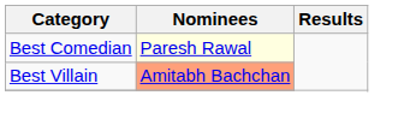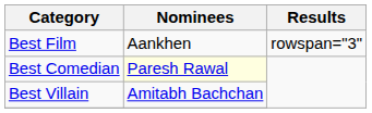 <table class="wikitable storable">
 <tr>
 <th>Category</th>
 <th>Nominees</th>
 <th>Results</th>
 </tr>
 <tr>
+<td><a href='#'>Best Film</a></td>
+<td>Aankhen</td>
+<td>rowspan="3"</td>
+</tr>
+<tr>
 <td><a href='#'>Best Comedian</a></td>
 <td style="background: lightyellow;"><a href='#'>Paresh Rawal</a></td>
 </tr>
 <tr>
 <td><a href='#'>Best Villain</a></td>
-<td style="background: lightsalmon;"><a href='#'>Amitabh Bachchan</a></td>
+<td><a href='#'>Amitabh Bachchan</a></td>
 </tr>
 <tr>
 </tr>
 </table>
